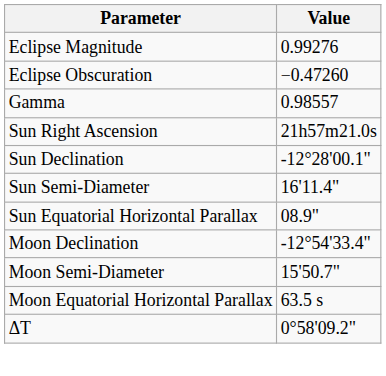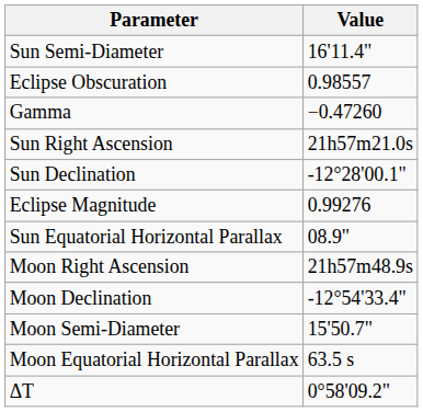 <table class="wikitable">
 <tr>
 <th>Parameter</th>
 <th>Value</th>
 </tr>
 <tr>
-<td>Eclipse Magnitude</td>
-<td>0.99276</td>
+<td>Sun Semi-Diameter</td>
+<td>16'11.4"</td>
 </tr>
 <tr>
 <td>Eclipse Obscuration</td>
-<td>−0.47260</td>
+<td>0.98557</td>
 </tr>
 <tr>
 <td>Gamma</td>
-<td>0.98557</td>
+<td>−0.47260</td>
 </tr>
 <tr>
 <td>Sun Right Ascension</td>
 <td>21h57m21.0s</td>
 </tr>
 <tr>
 <td>Sun Declination</td>
 <td>-12°28'00.1"</td>
 </tr>
 <tr>
-<td>Sun Semi-Diameter</td>
-<td>16'11.4"</td>
+<td>Eclipse Magnitude</td>
+<td>0.99276</td>
 </tr>
 <tr>
 <td>Sun Equatorial Horizontal Parallax</td>
 <td>08.9"</td>
+</tr>
+<tr>
+<td>Moon Right Ascension</td>
+<td>21h57m48.9s</td>
 </tr>
 <tr>
 <td>Moon Declination</td>
 <td>-12°54'33.4"</td>
 </tr>
 <tr>
 <td>Moon Semi-Diameter</td>
 <td>15'50.7"</td>
 </tr>
 <tr>
 <td>Moon Equatorial Horizontal Parallax</td>
 <td>63.5 s</td>
 </tr>
 <tr>
 <td>ΔT</td>
 <td>0°58'09.2"</td>
 </tr>
 </table>
